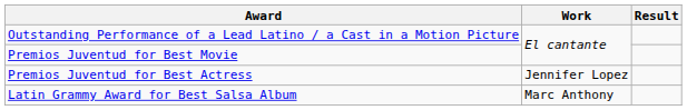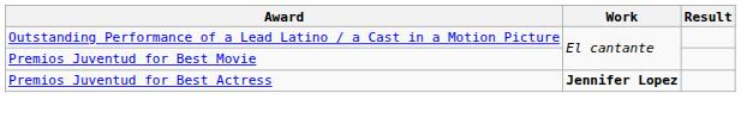 <table class="wikitable sortable">
 <tr>
 <th scope="col" style="width=2">Award</th>
 <th scope="col" style="width=2">Work</th>
 <th scope="col" style="width=3%">Result</th>
 </tr>
 <tr>
 <td><a href='#'>Outstanding Performance of a Lead Latino / a Cast in a Motion Picture</a></td>
 <td rowspan="2"><em>El cantante</em></td>
 <td></td>
 </tr>
 <tr>
 <td><a href='#'>Premios Juventud for Best Movie</a></td>
 <td></td>
 </tr>
 <tr>
 <td><a href='#'>Premios Juventud for Best Actress</a></td>
-<td>Jennifer Lopez</td>
-<td></td>
-</tr>
-<tr>
-<td><a href='#'>Latin Grammy Award for Best Salsa Album</a></td>
-<td>Marc Anthony</td>
+<td><strong>Jennifer Lopez</strong></td>
 <td></td>
 </tr>
 </table>
